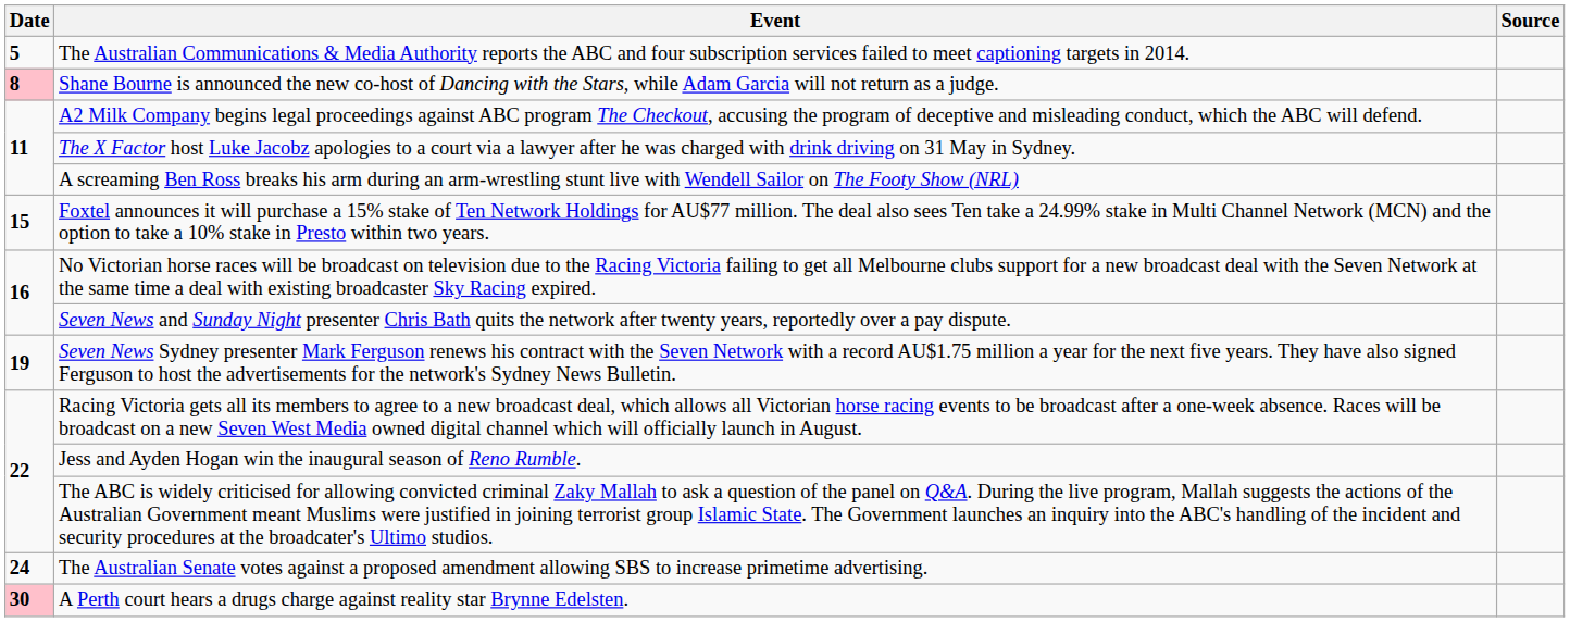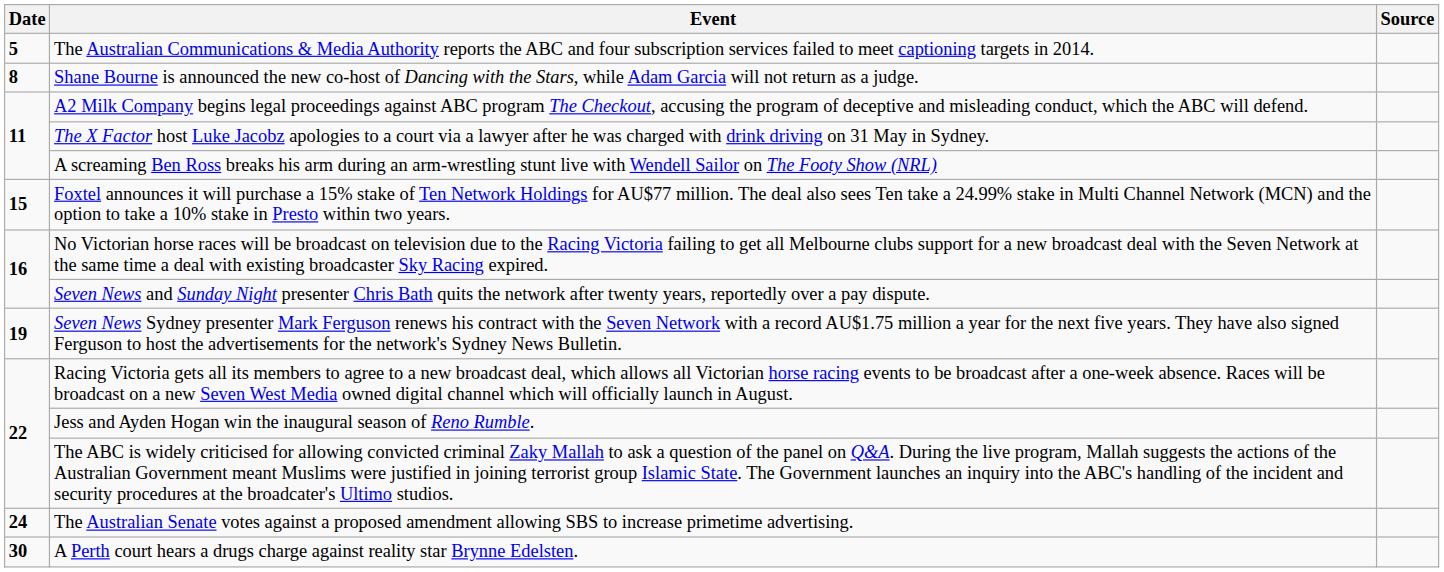 <table class="wikitable">
 <tr>
 <th>Date</th>
 <th>Event</th>
 <th>Source</th>
 </tr>
 <tr>
 <td><strong>5</strong></td>
 <td>The <a href='#'>Australian Communications & Media Authority</a> reports the ABC and four subscription services failed to meet <a href='#'>captioning</a> targets in 2014.</td>
 <td></td>
 </tr>
 <tr>
-<td style="background: pink;"><strong>8</strong></td>
+<td><strong>8</strong></td>
 <td><a href='#'>Shane Bourne</a> is announced the new co-host of <em>Dancing with the Stars</em>, while <a href='#'>Adam Garcia</a> will not return as a judge.</td>
 <td></td>
 </tr>
 <tr>
 <td rowspan="3"><strong>11</strong></td>
 <td><a href='#'>A2 Milk Company</a> begins legal proceedings against ABC program <em><a href='#'>The Checkout</a></em>, accusing the program of deceptive and misleading conduct, which the ABC will defend.</td>
 <td></td>
 </tr>
 <tr>
 <td><em><a href='#'>The X Factor</a></em> host <a href='#'>Luke Jacobz</a> apologies to a court via a lawyer after he was charged with <a href='#'>drink driving</a> on 31 May in Sydney.</td>
 <td></td>
 </tr>
 <tr>
 <td>A screaming <a href='#'>Ben Ross</a> breaks his arm during an arm-wrestling stunt live with <a href='#'>Wendell Sailor</a> on <em><a href='#'>The Footy Show (NRL)</a></em></td>
 <td></td>
 </tr>
 <tr>
 <td><strong>15</strong></td>
 <td><a href='#'>Foxtel</a> announces it will purchase a 15% stake of <a href='#'>Ten Network Holdings</a> for AU$77 million. The deal also sees Ten take a 24.99% stake in Multi Channel Network (MCN) and the option to take a 10% stake in <a href='#'>Presto</a> within two years.</td>
 <td></td>
 </tr>
 <tr>
 <td rowspan="2"><strong>16</strong></td>
 <td>No Victorian horse races will be broadcast on television due to the <a href='#'>Racing Victoria</a> failing to get all Melbourne clubs support for a new broadcast deal with the Seven Network at the same time a deal with existing broadcaster <a href='#'>Sky Racing</a> expired.</td>
 <td></td>
 </tr>
 <tr>
 <td><em><a href='#'>Seven News</a></em> and <em><a href='#'>Sunday Night</a></em> presenter <a href='#'>Chris Bath</a> quits the network after twenty years, reportedly over a pay dispute.</td>
 <td></td>
 </tr>
 <tr>
 <td><strong>19</strong></td>
 <td><em><a href='#'>Seven News</a></em> Sydney presenter <a href='#'>Mark Ferguson</a> renews his contract with the <a href='#'>Seven Network</a> with a record AU$1.75 million a year for the next five years. They have also signed Ferguson to host the advertisements for the network's Sydney News Bulletin.</td>
 <td></td>
 </tr>
 <tr>
 <td rowspan="3"><strong>22</strong></td>
 <td>Racing Victoria gets all its members to agree to a new broadcast deal, which allows all Victorian <a href='#'>horse racing</a> events to be broadcast after a one-week absence. Races will be broadcast on a new <a href='#'>Seven West Media</a> owned digital channel which will officially launch in August.</td>
 <td></td>
 </tr>
 <tr>
 <td>Jess and Ayden Hogan win the inaugural season of <em><a href='#'>Reno Rumble</a></em>.</td>
 <td></td>
 </tr>
 <tr>
 <td>The ABC is widely criticised for allowing convicted criminal <a href='#'>Zaky Mallah</a> to ask a question of the panel on <em><a href='#'>Q&A</a></em>. During the live program, Mallah suggests the actions of the Australian Government meant Muslims were justified in joining terrorist group <a href='#'>Islamic State</a>. The Government launches an inquiry into the ABC's handling of the incident and security procedures at the broadcater's <a href='#'>Ultimo</a> studios.</td>
 <td></td>
 </tr>
 <tr>
 <td><strong>24</strong></td>
 <td>The <a href='#'>Australian Senate</a> votes against a proposed amendment allowing SBS to increase primetime advertising.</td>
 <td></td>
 </tr>
 <tr>
-<td style="background: pink;"><strong>30</strong></td>
+<td><strong>30</strong></td>
 <td>A <a href='#'>Perth</a> court hears a drugs charge against reality star <a href='#'>Brynne Edelsten</a>.</td>
 <td></td>
 </tr>
 </table>
